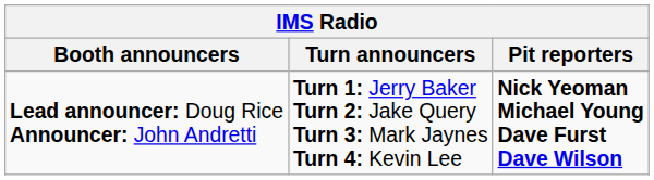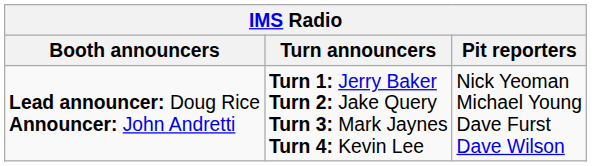 <table class="wikitable" style="font-size: 95%;">
 <tr>
 <th colspan="3"><a href='#'>IMS</a> Radio</th>
 </tr>
 <tr>
 <th>Booth announcers</th>
 <th>Turn announcers</th>
 <th>Pit reporters</th>
 </tr>
 <tr>
 <td><strong>Lead announcer:</strong> Doug Rice<br><strong>Announcer:</strong> <a href='#'>John Andretti</a></td>
 <td><strong>Turn 1:</strong> <a href='#'>Jerry Baker</a><br><strong>Turn 2:</strong> Jake Query<br><strong>Turn 3:</strong> Mark Jaynes<br><strong>Turn 4:</strong> Kevin Lee</td>
-<td><strong>Nick Yeoman<br>Michael Young<br>Dave Furst<br><a href='#'>Dave Wilson</a></strong></td>
+<td>Nick Yeoman<br>Michael Young<br>Dave Furst<br><a href='#'>Dave Wilson</a></td>
 </tr>
 </table>
